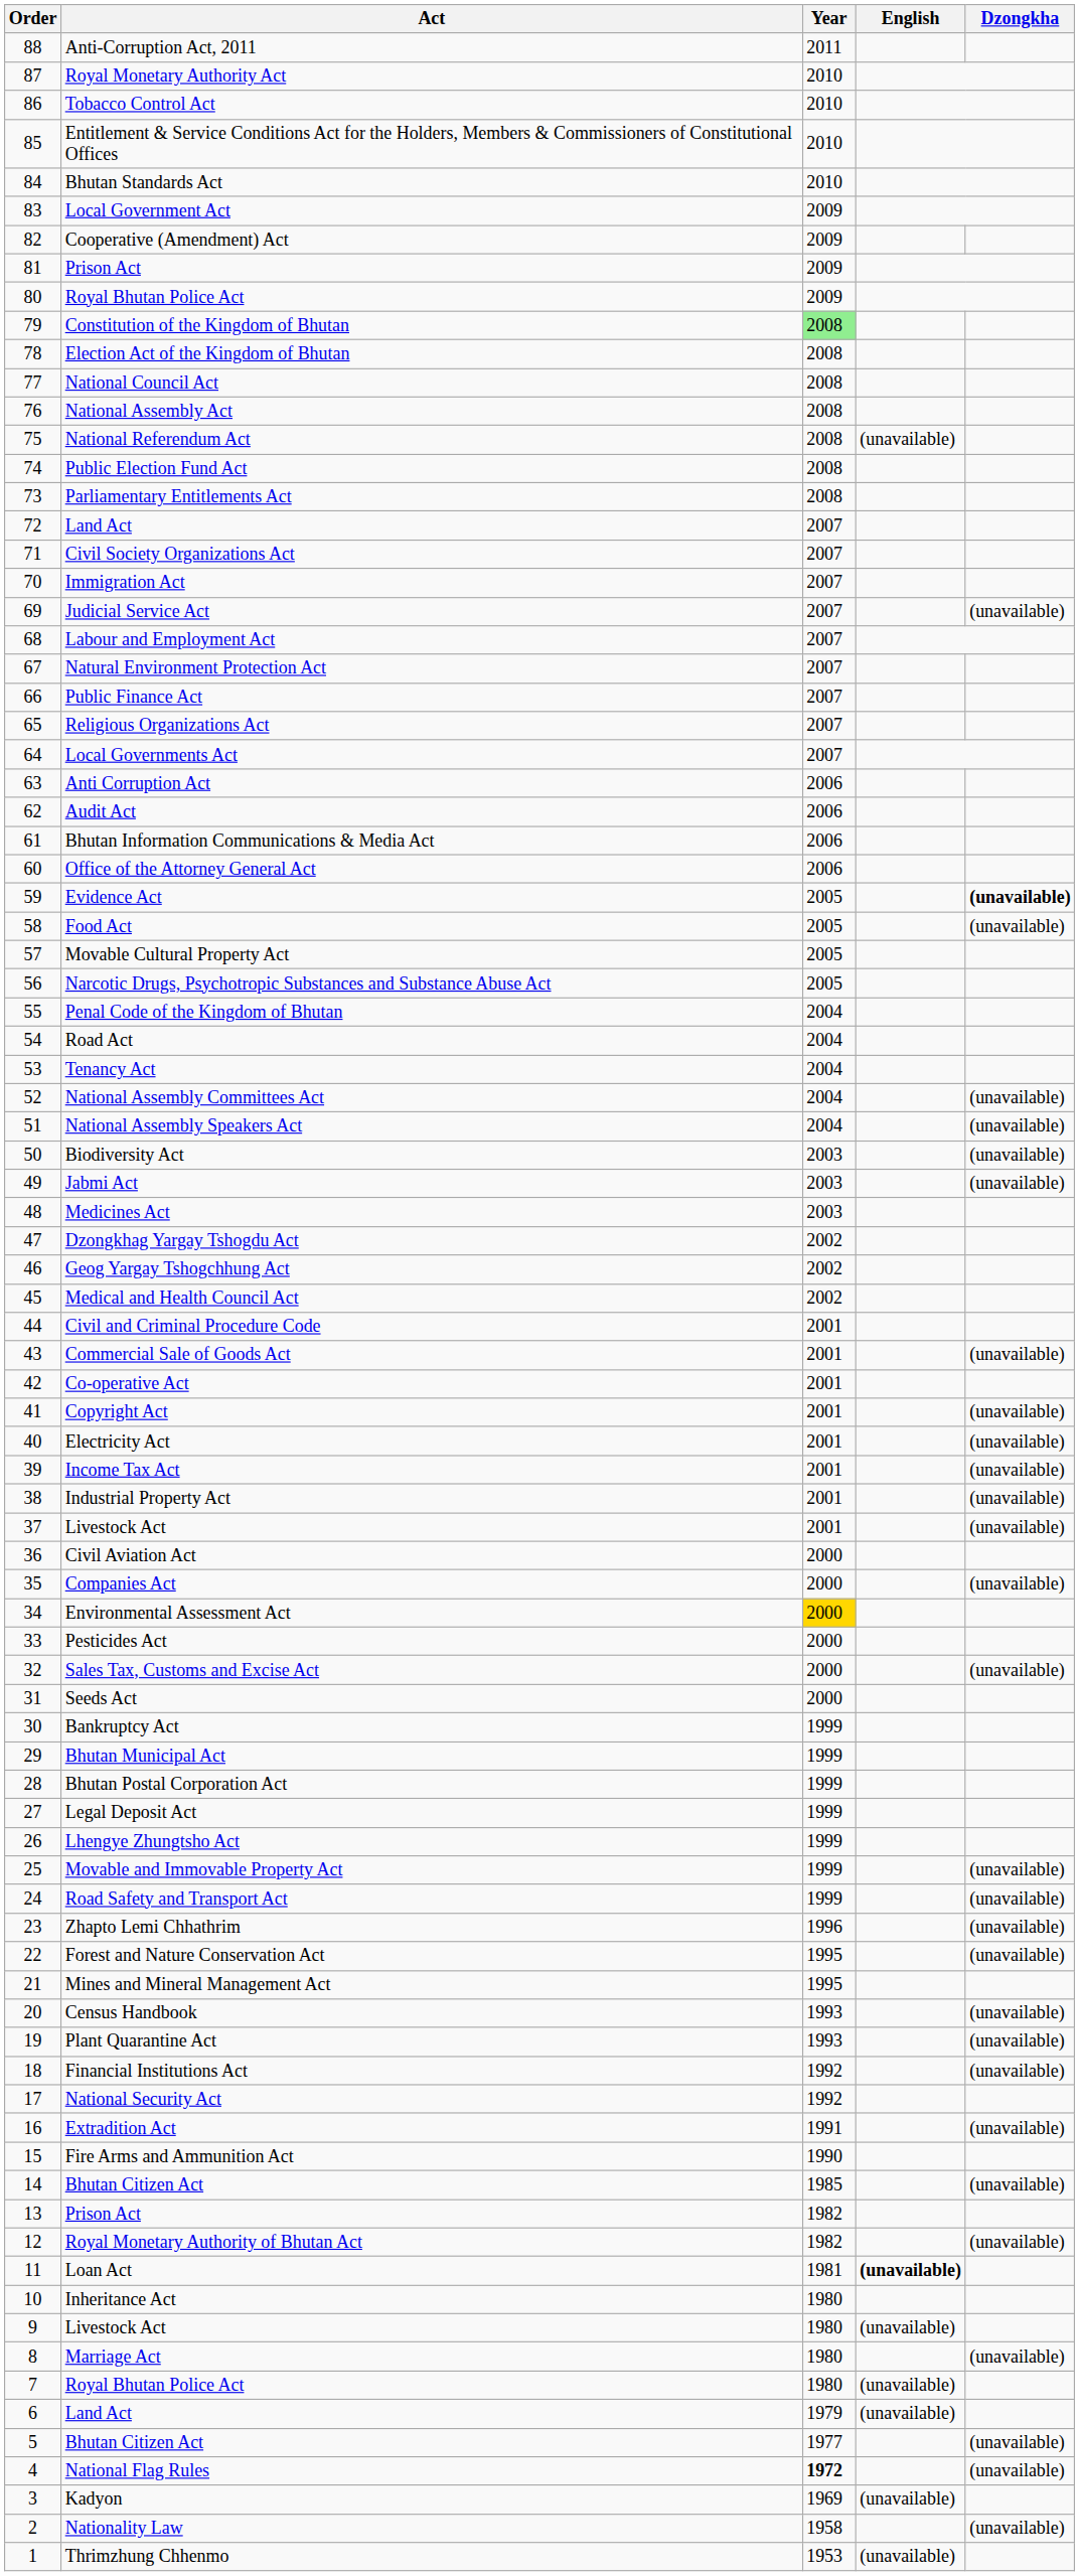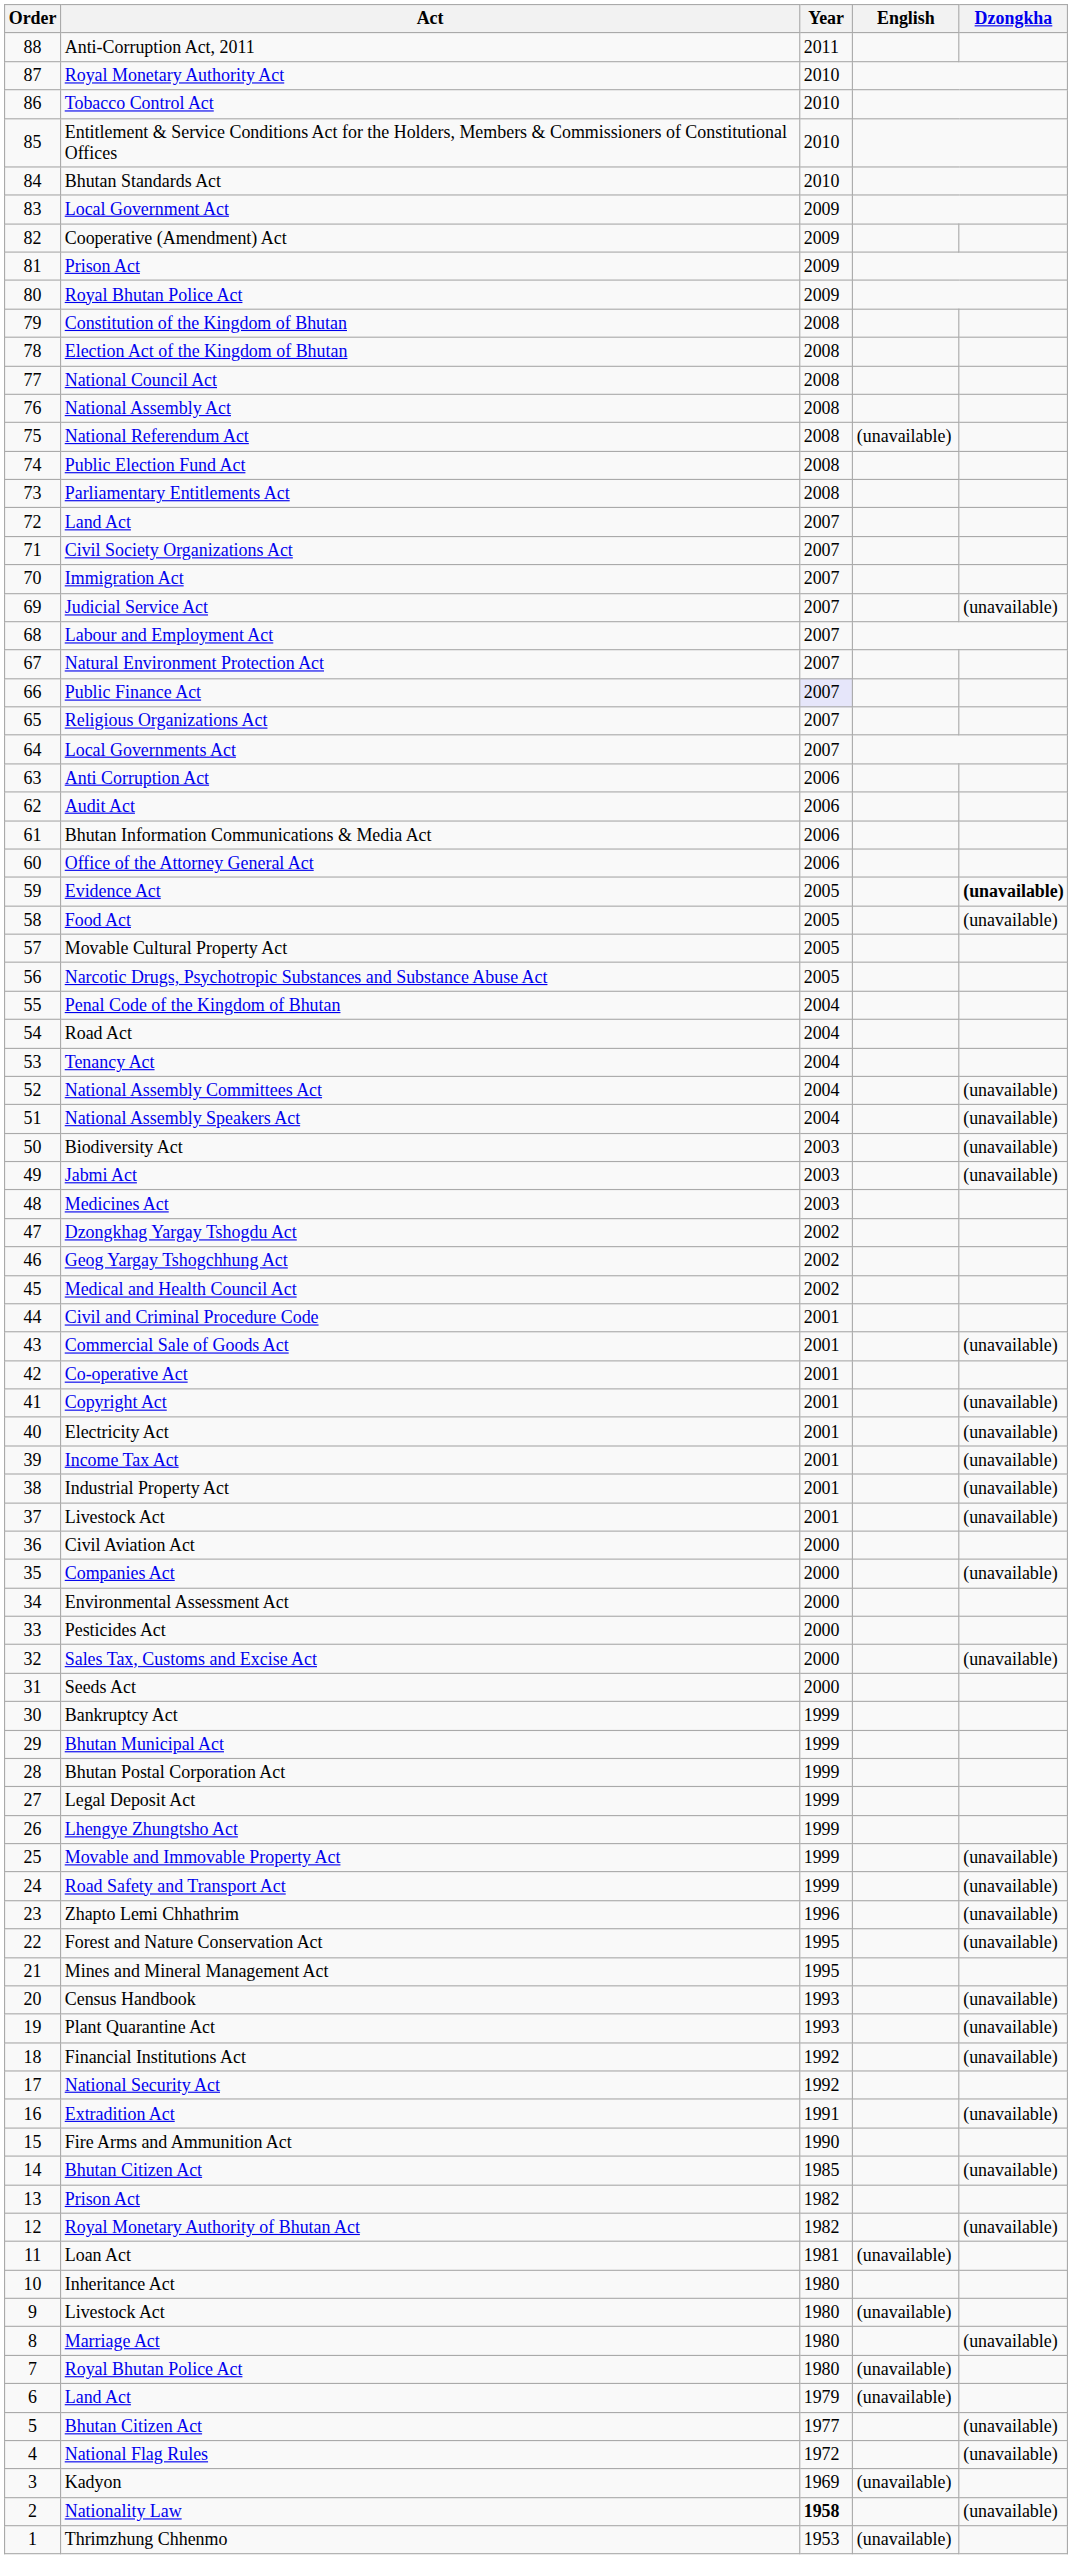 <table class="wikitable sortable" width="60%">
 <tr>
 <th style="width:5%">Order</th>
 <th>Act</th>
 <th style="width:5%">Year</th>
 <th scope="col" class="unsortable" style="width:10%">English</th>
 <th scope="col" class="unsortable" style="width:10%"><a href='#'>Dzongkha</a></th>
 </tr>
 <tr>
 <td align="center">88</td>
 <td>Anti-Corruption Act, 2011</td>
 <td>2011</td>
 <td></td>
 <td></td>
 </tr>
 <tr>
 <td align="center">87</td>
 <td><a href='#'>Royal Monetary Authority Act</a></td>
 <td>2010</td>
 <td colspan="2" align="center"></td>
 </tr>
 <tr>
 <td align="center">86</td>
 <td><a href='#'>Tobacco Control Act</a></td>
 <td>2010</td>
 <td colspan="2" align="center"></td>
 </tr>
 <tr>
 <td align="center">85</td>
 <td>Entitlement & Service Conditions Act for the Holders, Members & Commissioners of Constitutional Offices</td>
 <td>2010</td>
 <td colspan="2" align="center"></td>
 </tr>
 <tr>
 <td align="center">84</td>
 <td>Bhutan Standards Act</td>
 <td>2010</td>
 <td colspan="2" align="center"></td>
 </tr>
 <tr>
 <td align="center">83</td>
 <td><a href='#'>Local Government Act</a></td>
 <td>2009</td>
 <td colspan="2" align="center"></td>
 </tr>
 <tr>
 <td align="center">82</td>
 <td>Cooperative (Amendment) Act</td>
 <td>2009</td>
 <td></td>
 <td></td>
 </tr>
 <tr>
 <td align="center">81</td>
 <td><a href='#'>Prison Act</a></td>
 <td>2009</td>
 <td colspan="2" align="center"></td>
 </tr>
 <tr>
 <td align="center">80</td>
 <td><a href='#'>Royal Bhutan Police Act</a></td>
 <td>2009</td>
 <td colspan="2" align="center"></td>
 </tr>
 <tr>
 <td align="center">79</td>
 <td><a href='#'>Constitution of the Kingdom of Bhutan</a></td>
-<td style="background: lightgreen;">2008</td>
+<td>2008</td>
 <td></td>
 <td></td>
 </tr>
 <tr>
 <td align="center">78</td>
 <td><a href='#'>Election Act of the Kingdom of Bhutan</a></td>
 <td>2008</td>
 <td></td>
 <td></td>
 </tr>
 <tr>
 <td align="center">77</td>
 <td><a href='#'>National Council Act</a></td>
 <td>2008</td>
 <td></td>
 <td></td>
 </tr>
 <tr>
 <td align="center">76</td>
 <td><a href='#'>National Assembly Act</a></td>
 <td>2008</td>
 <td></td>
 <td></td>
 </tr>
 <tr>
 <td align="center">75</td>
 <td><a href='#'>National Referendum Act</a></td>
 <td>2008</td>
 <td>(unavailable)</td>
 <td></td>
 </tr>
 <tr>
 <td align="center">74</td>
 <td><a href='#'>Public Election Fund Act</a></td>
 <td>2008</td>
 <td></td>
 <td></td>
 </tr>
 <tr>
 <td align="center">73</td>
 <td><a href='#'>Parliamentary Entitlements Act</a></td>
 <td>2008</td>
 <td></td>
 <td></td>
 </tr>
 <tr>
 <td align="center">72</td>
 <td><a href='#'>Land Act</a></td>
 <td>2007</td>
 <td></td>
 <td></td>
 </tr>
 <tr>
 <td align="center">71</td>
 <td><a href='#'>Civil Society Organizations Act</a></td>
 <td>2007</td>
 <td></td>
 <td></td>
 </tr>
 <tr>
 <td align="center">70</td>
 <td><a href='#'>Immigration Act</a></td>
 <td>2007</td>
 <td></td>
 <td></td>
 </tr>
 <tr>
 <td align="center">69</td>
 <td><a href='#'>Judicial Service Act</a></td>
 <td>2007</td>
 <td></td>
 <td>(unavailable)</td>
 </tr>
 <tr>
 <td align="center">68</td>
 <td><a href='#'>Labour and Employment Act</a></td>
 <td>2007</td>
 <td colspan="2" align="center"></td>
 </tr>
 <tr>
 <td align="center">67</td>
 <td><a href='#'>Natural Environment Protection Act</a></td>
 <td>2007</td>
 <td></td>
 <td></td>
 </tr>
 <tr>
 <td align="center">66</td>
 <td><a href='#'>Public Finance Act</a></td>
-<td>2007</td>
+<td style="background: lavender;">2007</td>
 <td></td>
 <td></td>
 </tr>
 <tr>
 <td align="center">65</td>
 <td><a href='#'>Religious Organizations Act</a></td>
 <td>2007</td>
 <td></td>
 <td></td>
 </tr>
 <tr>
 <td align="center">64</td>
 <td><a href='#'>Local Governments Act</a></td>
 <td>2007</td>
 <td colspan="2" align="center"></td>
 </tr>
 <tr>
 <td align="center">63</td>
 <td><a href='#'>Anti Corruption Act</a></td>
 <td>2006</td>
 <td></td>
 <td></td>
 </tr>
 <tr>
 <td align="center">62</td>
 <td><a href='#'>Audit Act</a></td>
 <td>2006</td>
 <td></td>
 <td></td>
 </tr>
 <tr>
 <td align="center">61</td>
 <td>Bhutan Information Communications & Media Act</td>
 <td>2006</td>
 <td></td>
 <td></td>
 </tr>
 <tr>
 <td align="center">60</td>
 <td><a href='#'>Office of the Attorney General Act</a></td>
 <td>2006</td>
 <td></td>
 <td></td>
 </tr>
 <tr>
 <td align="center">59</td>
 <td><a href='#'>Evidence Act</a></td>
 <td>2005</td>
 <td></td>
 <td><strong>(unavailable)</strong></td>
 </tr>
 <tr>
 <td align="center">58</td>
 <td><a href='#'>Food Act</a></td>
 <td>2005</td>
 <td></td>
 <td>(unavailable)</td>
 </tr>
 <tr>
 <td align="center">57</td>
 <td>Movable Cultural Property Act</td>
 <td>2005</td>
 <td></td>
 <td></td>
 </tr>
 <tr>
 <td align="center">56</td>
 <td><a href='#'>Narcotic Drugs, Psychotropic Substances and Substance Abuse Act</a></td>
 <td>2005</td>
 <td></td>
 <td></td>
 </tr>
 <tr>
 <td align="center">55</td>
 <td><a href='#'>Penal Code of the Kingdom of Bhutan</a></td>
 <td>2004</td>
 <td></td>
 <td></td>
 </tr>
 <tr>
 <td align="center">54</td>
 <td>Road Act</td>
 <td>2004</td>
 <td></td>
 <td></td>
 </tr>
 <tr>
 <td align="center">53</td>
 <td><a href='#'>Tenancy Act</a></td>
 <td>2004</td>
 <td></td>
 <td></td>
 </tr>
 <tr>
 <td align="center">52</td>
 <td><a href='#'>National Assembly Committees Act</a></td>
 <td>2004</td>
 <td></td>
 <td>(unavailable)</td>
 </tr>
 <tr>
 <td align="center">51</td>
 <td><a href='#'>National Assembly Speakers Act</a></td>
 <td>2004</td>
 <td></td>
 <td>(unavailable)</td>
 </tr>
 <tr>
 <td align="center">50</td>
 <td>Biodiversity Act</td>
 <td>2003</td>
 <td></td>
 <td>(unavailable)</td>
 </tr>
 <tr>
 <td align="center">49</td>
 <td><a href='#'>Jabmi Act</a></td>
 <td>2003</td>
 <td></td>
 <td>(unavailable)</td>
 </tr>
 <tr>
 <td align="center">48</td>
 <td><a href='#'>Medicines Act</a></td>
 <td>2003</td>
 <td></td>
 <td></td>
 </tr>
 <tr>
 <td align="center">47</td>
 <td><a href='#'>Dzongkhag Yargay Tshogdu Act</a></td>
 <td>2002</td>
 <td></td>
 <td></td>
 </tr>
 <tr>
 <td align="center">46</td>
 <td><a href='#'>Geog Yargay Tshogchhung Act</a></td>
 <td>2002</td>
 <td></td>
 <td></td>
 </tr>
 <tr>
 <td align="center">45</td>
 <td><a href='#'>Medical and Health Council Act</a></td>
 <td>2002</td>
 <td></td>
 <td></td>
 </tr>
 <tr>
 <td align="center">44</td>
 <td><a href='#'>Civil and Criminal Procedure Code</a></td>
 <td>2001</td>
 <td></td>
 <td></td>
 </tr>
 <tr>
 <td align="center">43</td>
 <td><a href='#'>Commercial Sale of Goods Act</a></td>
 <td>2001</td>
 <td></td>
 <td>(unavailable)</td>
 </tr>
 <tr>
 <td align="center">42</td>
 <td><a href='#'>Co-operative Act</a></td>
 <td>2001</td>
 <td></td>
 <td></td>
 </tr>
 <tr>
 <td align="center">41</td>
 <td><a href='#'>Copyright Act</a></td>
 <td>2001</td>
 <td></td>
 <td>(unavailable)</td>
 </tr>
 <tr>
 <td align="center">40</td>
 <td>Electricity Act</td>
 <td>2001</td>
 <td></td>
 <td>(unavailable)</td>
 </tr>
 <tr>
 <td align="center">39</td>
 <td><a href='#'>Income Tax Act</a></td>
 <td>2001</td>
 <td></td>
 <td>(unavailable)</td>
 </tr>
 <tr>
 <td align="center">38</td>
 <td>Industrial Property Act</td>
 <td>2001</td>
 <td></td>
 <td>(unavailable)</td>
 </tr>
 <tr>
 <td align="center">37</td>
 <td>Livestock Act</td>
 <td>2001</td>
 <td></td>
 <td>(unavailable)</td>
 </tr>
 <tr>
 <td align="center">36</td>
 <td>Civil Aviation Act</td>
 <td>2000</td>
 <td></td>
 <td></td>
 </tr>
 <tr>
 <td align="center">35</td>
 <td><a href='#'>Companies Act</a></td>
 <td>2000</td>
 <td></td>
 <td>(unavailable)</td>
 </tr>
 <tr>
 <td align="center">34</td>
 <td>Environmental Assessment Act</td>
-<td style="background: gold;">2000</td>
+<td>2000</td>
 <td></td>
 <td></td>
 </tr>
 <tr>
 <td align="center">33</td>
 <td>Pesticides Act</td>
 <td>2000</td>
 <td></td>
 <td></td>
 </tr>
 <tr>
 <td align="center">32</td>
 <td><a href='#'>Sales Tax, Customs and Excise Act</a></td>
 <td>2000</td>
 <td></td>
 <td>(unavailable)</td>
 </tr>
 <tr>
 <td align="center">31</td>
 <td>Seeds Act</td>
 <td>2000</td>
 <td></td>
 <td></td>
 </tr>
 <tr>
 <td align="center">30</td>
 <td>Bankruptcy Act</td>
 <td>1999</td>
 <td></td>
 <td></td>
 </tr>
 <tr>
 <td align="center">29</td>
 <td><a href='#'>Bhutan Municipal Act</a></td>
 <td>1999</td>
 <td></td>
 <td></td>
 </tr>
 <tr>
 <td align="center">28</td>
 <td>Bhutan Postal Corporation Act</td>
 <td>1999</td>
 <td></td>
 <td></td>
 </tr>
 <tr>
 <td align="center">27</td>
 <td>Legal Deposit Act</td>
 <td>1999</td>
 <td></td>
 <td></td>
 </tr>
 <tr>
 <td align="center">26</td>
 <td><a href='#'>Lhengye Zhungtsho Act</a></td>
 <td>1999</td>
 <td></td>
 <td></td>
 </tr>
 <tr>
 <td align="center">25</td>
 <td><a href='#'>Movable and Immovable Property Act</a></td>
 <td>1999</td>
 <td></td>
 <td>(unavailable)</td>
 </tr>
 <tr>
 <td align="center">24</td>
 <td><a href='#'>Road Safety and Transport Act</a></td>
 <td>1999</td>
 <td></td>
 <td>(unavailable)</td>
 </tr>
 <tr>
 <td align="center">23</td>
 <td>Zhapto Lemi Chhathrim</td>
 <td>1996</td>
 <td></td>
 <td>(unavailable)</td>
 </tr>
 <tr>
 <td align="center">22</td>
 <td>Forest and Nature Conservation Act</td>
 <td>1995</td>
 <td></td>
 <td>(unavailable)</td>
 </tr>
 <tr>
 <td align="center">21</td>
 <td>Mines and Mineral Management Act</td>
 <td>1995</td>
 <td></td>
 <td></td>
 </tr>
 <tr>
 <td align="center">20</td>
 <td>Census Handbook</td>
 <td>1993</td>
 <td></td>
 <td>(unavailable)</td>
 </tr>
 <tr>
 <td align="center">19</td>
 <td>Plant Quarantine Act</td>
 <td>1993</td>
 <td></td>
 <td>(unavailable)</td>
 </tr>
 <tr>
 <td align="center">18</td>
 <td>Financial Institutions Act</td>
 <td>1992</td>
 <td></td>
 <td>(unavailable)</td>
 </tr>
 <tr>
 <td align="center">17</td>
 <td><a href='#'>National Security Act</a></td>
 <td>1992</td>
 <td></td>
 <td></td>
 </tr>
 <tr>
 <td align="center">16</td>
 <td><a href='#'>Extradition Act</a></td>
 <td>1991</td>
 <td></td>
 <td>(unavailable)</td>
 </tr>
 <tr>
 <td align="center">15</td>
 <td>Fire Arms and Ammunition Act</td>
 <td>1990</td>
 <td></td>
 <td></td>
 </tr>
 <tr>
 <td align="center">14</td>
 <td><a href='#'>Bhutan Citizen Act</a></td>
 <td>1985</td>
 <td></td>
 <td>(unavailable)</td>
 </tr>
 <tr>
 <td align="center">13</td>
 <td><a href='#'>Prison Act</a></td>
 <td>1982</td>
 <td></td>
 <td></td>
 </tr>
 <tr>
 <td align="center">12</td>
 <td><a href='#'>Royal Monetary Authority of Bhutan Act</a></td>
 <td>1982</td>
 <td></td>
 <td>(unavailable)</td>
 </tr>
 <tr>
 <td align="center">11</td>
 <td>Loan Act</td>
 <td>1981</td>
-<td><strong>(unavailable)</strong></td>
+<td>(unavailable)</td>
 <td></td>
 </tr>
 <tr>
 <td align="center">10</td>
 <td>Inheritance Act</td>
 <td>1980</td>
 <td></td>
 <td></td>
 </tr>
 <tr>
 <td align="center">9</td>
 <td>Livestock Act</td>
 <td>1980</td>
 <td>(unavailable)</td>
 <td></td>
 </tr>
 <tr>
 <td align="center">8</td>
 <td><a href='#'>Marriage Act</a></td>
 <td>1980</td>
 <td></td>
 <td>(unavailable)</td>
 </tr>
 <tr>
 <td align="center">7</td>
 <td><a href='#'>Royal Bhutan Police Act</a></td>
 <td>1980</td>
 <td>(unavailable)</td>
 <td></td>
 </tr>
 <tr>
 <td align="center">6</td>
 <td><a href='#'>Land Act</a></td>
 <td>1979</td>
 <td>(unavailable)</td>
 <td></td>
 </tr>
 <tr>
 <td align="center">5</td>
 <td><a href='#'>Bhutan Citizen Act</a></td>
 <td>1977</td>
 <td></td>
 <td>(unavailable)</td>
 </tr>
 <tr>
 <td align="center">4</td>
 <td><a href='#'>National Flag Rules</a></td>
-<td><strong>1972</strong></td>
+<td>1972</td>
 <td></td>
 <td>(unavailable)</td>
 </tr>
 <tr>
 <td align="center">3</td>
 <td>Kadyon</td>
 <td>1969</td>
 <td>(unavailable)</td>
 <td></td>
 </tr>
 <tr>
 <td align="center">2</td>
 <td><a href='#'>Nationality Law</a></td>
-<td>1958</td>
+<td><strong>1958</strong></td>
 <td></td>
 <td>(unavailable)</td>
 </tr>
 <tr>
 <td align="center">1</td>
 <td>Thrimzhung Chhenmo</td>
 <td>1953</td>
 <td>(unavailable)</td>
 <td></td>
 </tr>
 </table>
